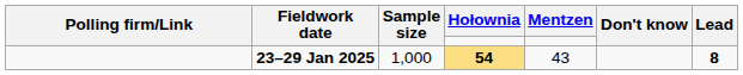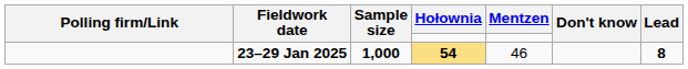 <table class="wikitable" style="text-align:center; font-size:85%; line-height:14px;">
 <tr>
 <th rowspan="2" style="width:200px;">Polling firm/Link</th>
 <th rowspan="2" data-sort-type="date">Fieldwork<br>date</th>
 <th rowspan="2" style="width:20px;">Sample<br>size</th>
 <th><a href='#'>Hołownia</a><br></th>
 <th><a href='#'>Mentzen</a><br></th>
 <th rowspan="2">Don't know</th>
 <th rowspan="2">Lead</th>
 </tr>
 <tr>
 <td style="background:"></td>
 <td style="background:"></td>
 </tr>
 <tr>
 <td></td>
 <td data-sort-value="2025-01-29"><strong>23–29 Jan 2025</strong></td>
-<td>1,000</td>
+<td><strong>1,000</strong></td>
 <td style="background:#FCDE83;"><strong>54</strong></td>
-<td>43</td>
+<td>46</td>
 <td></td>
 <td style="background:"><strong>8</strong></td>
 </tr>
 </table>
